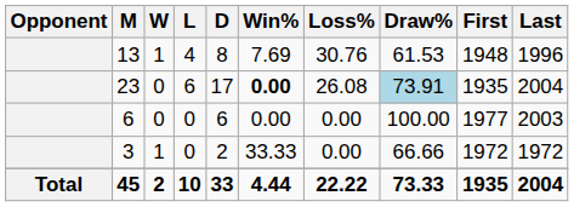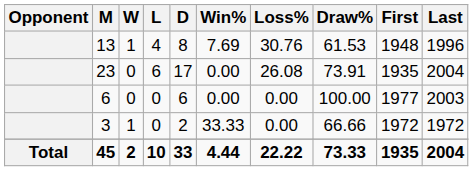 <table class="wikitable plainrowheaders sortable" style="text-align:center">
 <tr>
 <th scope="col">Opponent</th>
 <th scope="col">M</th>
 <th scope="col">W</th>
 <th scope="col">L</th>
 <th scope="col">D</th>
 <th scope="col">Win%</th>
 <th scope="col">Loss%</th>
 <th scope="col">Draw%</th>
 <th scope="col">First</th>
 <th scope="col">Last</th>
 </tr>
 <tr>
 <th scope="row"></th>
 <td>13</td>
 <td>1</td>
 <td>4</td>
 <td>8</td>
 <td>7.69</td>
 <td>30.76</td>
 <td>61.53</td>
 <td>1948</td>
 <td>1996</td>
 </tr>
 <tr>
 <th scope="row"></th>
 <td>23</td>
 <td>0</td>
 <td>6</td>
 <td>17</td>
-<td><strong>0.00</strong></td>
+<td>0.00</td>
 <td>26.08</td>
-<td style="background: lightblue;">73.91</td>
+<td>73.91</td>
 <td>1935</td>
 <td>2004</td>
 </tr>
 <tr>
 <th scope="row"></th>
 <td>6</td>
 <td>0</td>
 <td>0</td>
 <td>6</td>
 <td>0.00</td>
 <td>0.00</td>
 <td>100.00</td>
 <td>1977</td>
 <td>2003</td>
 </tr>
 <tr>
 <th scope="row"></th>
 <td>3</td>
 <td>1</td>
 <td>0</td>
 <td>2</td>
 <td>33.33</td>
 <td>0.00</td>
 <td>66.66</td>
 <td>1972</td>
 <td>1972</td>
 </tr>
 <tr>
 </tr>
 <tr class="sortbottom">
 <th scope="row" style="text-align:center"><strong>Total</strong></th>
 <td><strong>45</strong></td>
 <td><strong>2</strong></td>
 <td><strong>10</strong></td>
 <td><strong>33</strong></td>
 <td><strong>4.44</strong></td>
 <td><strong>22.22</strong></td>
 <td><strong>73.33</strong></td>
 <td><strong>1935</strong></td>
 <td><strong>2004</strong></td>
 </tr>
 </table>
